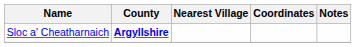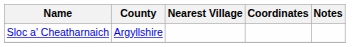 <table class="wikitable sortable" style="table-layout:fixed;background-color:#FEFEFE;font-size:95%;padding:0.30em;line-height:1.35em;">
 <tr>
 <th scope="col">Name</th>
 <th scope="col">County</th>
 <th scope="col">Nearest Village</th>
 <th scope="col" data-sort-type="number">Coordinates</th>
 <th scope="col">Notes</th>
 </tr>
 <tr>
 <td><a href='#'>Sloc a' Cheatharnaich</a></td>
-<td><strong><a href='#'>Argyllshire</a></strong></td>
+<td><a href='#'>Argyllshire</a></td>
 <td></td>
 <td></td>
 <td></td>
 </tr>
 <tr>
 </tr>
 </table>
